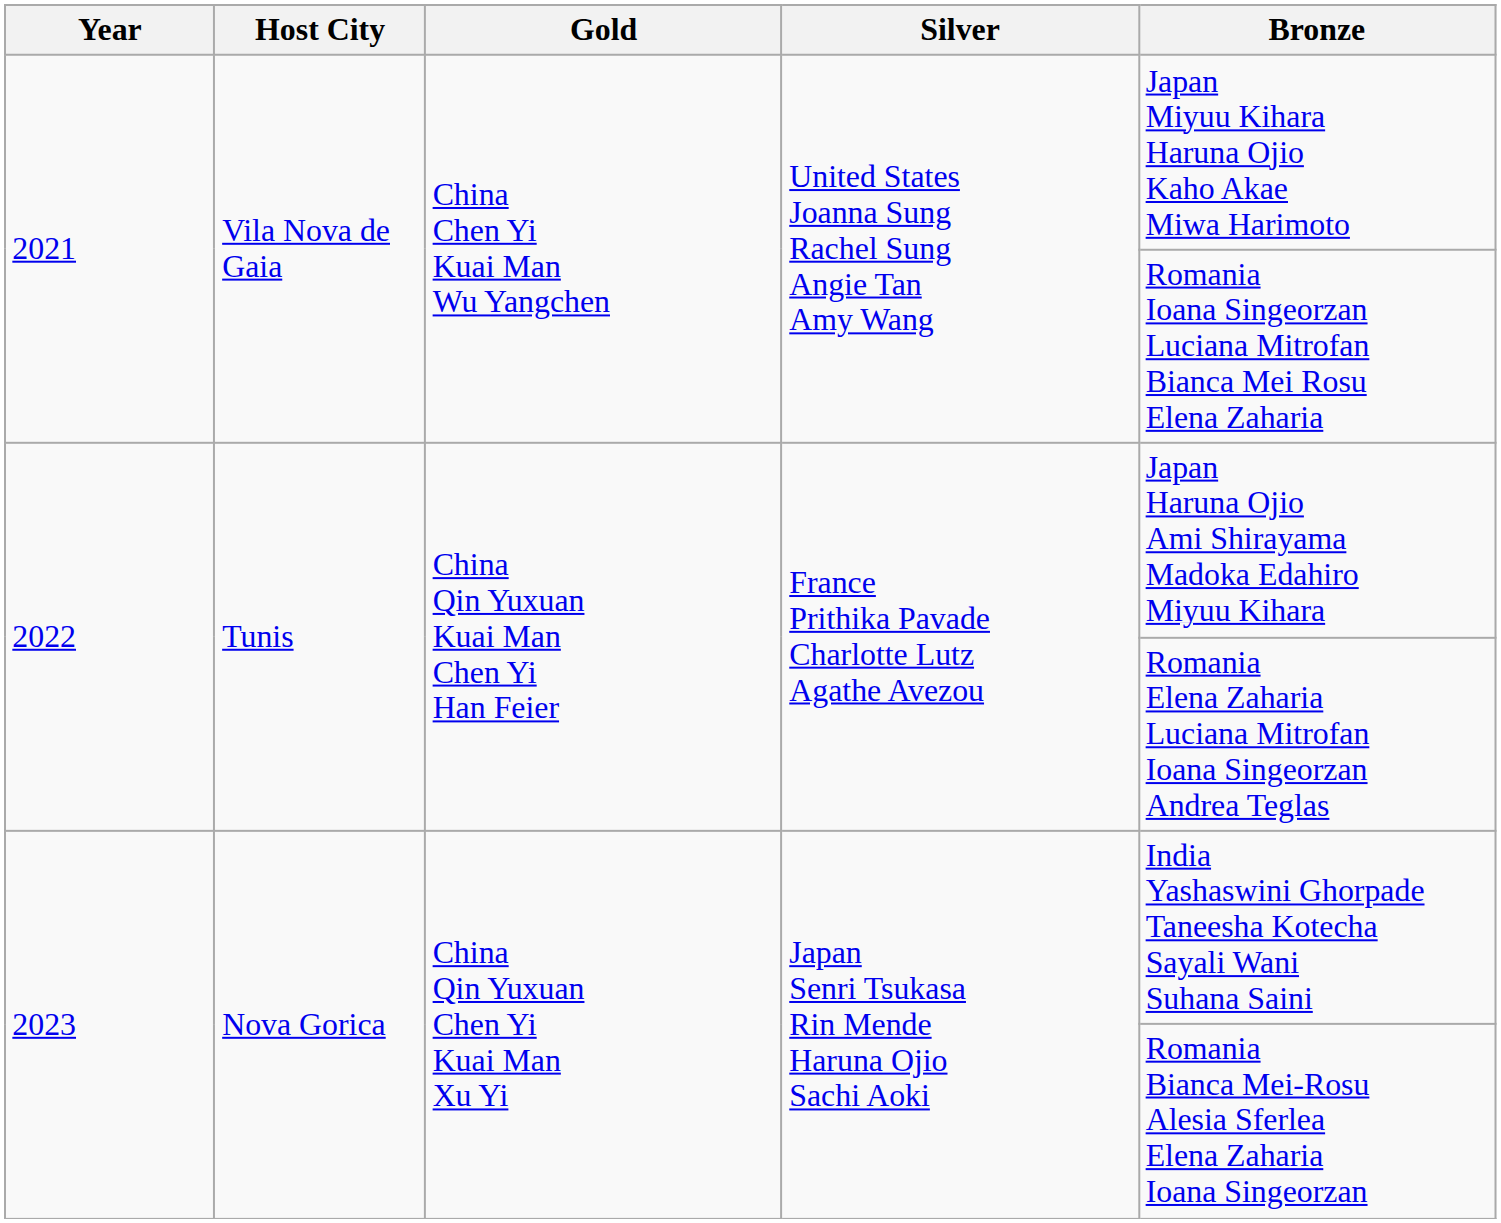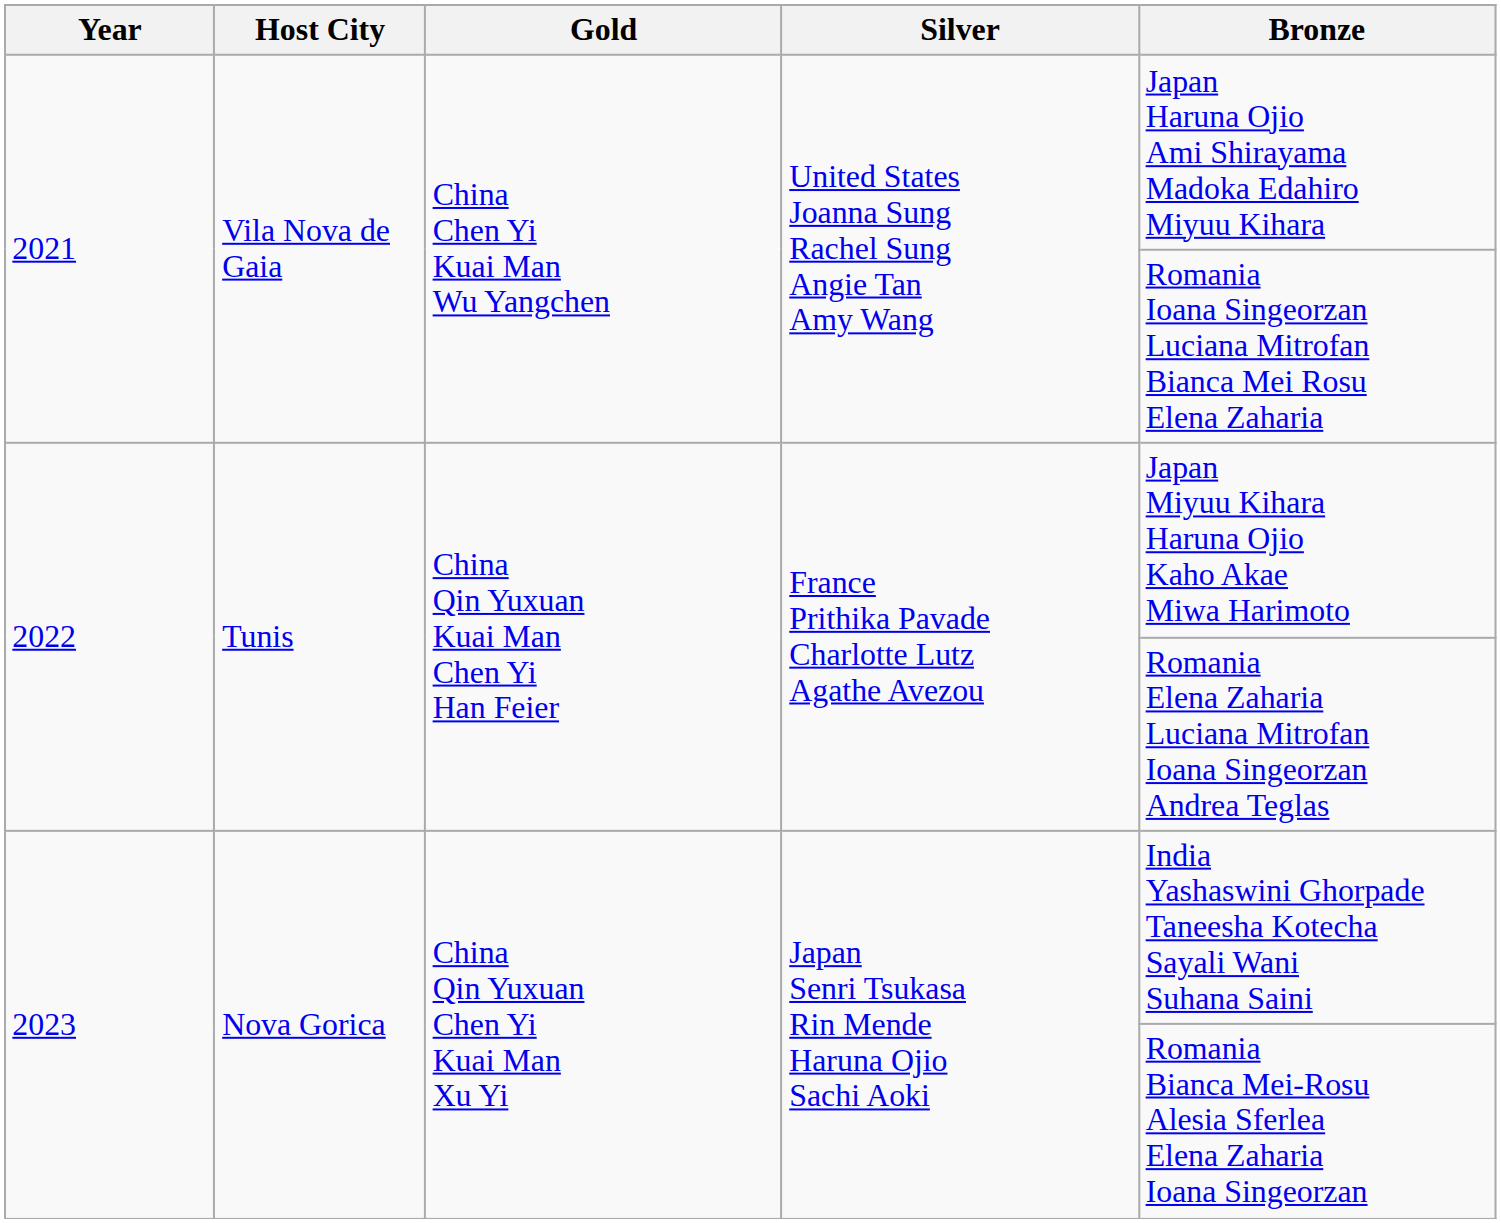 <table class="wikitable" style="text-align: left; width: 750px;">
 <tr>
 <th width="100">Year</th>
 <th width="100">Host City</th>
 <th width="175">Gold</th>
 <th width="175">Silver</th>
 <th width="175">Bronze</th>
 </tr>
 <tr>
 <td rowspan="2"><a href='#'>2021</a></td>
 <td rowspan="2"><a href='#'>Vila Nova de Gaia</a></td>
 <td rowspan="2"> <a href='#'>China</a><br><a href='#'>Chen Yi</a><br><a href='#'>Kuai Man</a><br><a href='#'>Wu Yangchen</a></td>
 <td rowspan="2"> <a href='#'>United States</a><br><a href='#'>Joanna Sung</a><br><a href='#'>Rachel Sung</a><br><a href='#'>Angie Tan</a><br><a href='#'>Amy Wang</a></td>
-<td> <a href='#'>Japan</a><br><a href='#'>Miyuu Kihara</a><br><a href='#'>Haruna Ojio</a><br><a href='#'>Kaho Akae</a><br><a href='#'>Miwa Harimoto</a></td>
+<td> <a href='#'>Japan</a><br><a href='#'>Haruna Ojio</a><br><a href='#'>Ami Shirayama</a><br><a href='#'>Madoka Edahiro</a><br><a href='#'>Miyuu Kihara</a></td>
 </tr>
 <tr>
 <td> <a href='#'>Romania</a><br><a href='#'>Ioana Singeorzan</a><br><a href='#'>Luciana Mitrofan</a><br><a href='#'>Bianca Mei Rosu</a><br><a href='#'>Elena Zaharia</a></td>
 </tr>
 <tr>
 <td rowspan="2"><a href='#'>2022</a></td>
 <td rowspan="2"><a href='#'>Tunis</a></td>
 <td rowspan="2"> <a href='#'>China</a><br><a href='#'>Qin Yuxuan</a><br><a href='#'>Kuai Man</a><br><a href='#'>Chen Yi</a><br><a href='#'>Han Feier</a></td>
 <td rowspan="2"> <a href='#'>France</a><br><a href='#'>Prithika Pavade</a><br><a href='#'>Charlotte Lutz</a><br><a href='#'>Agathe Avezou</a></td>
-<td> <a href='#'>Japan</a><br><a href='#'>Haruna Ojio</a><br><a href='#'>Ami Shirayama</a><br><a href='#'>Madoka Edahiro</a><br><a href='#'>Miyuu Kihara</a></td>
+<td> <a href='#'>Japan</a><br><a href='#'>Miyuu Kihara</a><br><a href='#'>Haruna Ojio</a><br><a href='#'>Kaho Akae</a><br><a href='#'>Miwa Harimoto</a></td>
 </tr>
 <tr>
 <td> <a href='#'>Romania</a><br><a href='#'>Elena Zaharia</a><br><a href='#'>Luciana Mitrofan</a><br><a href='#'>Ioana Singeorzan</a><br><a href='#'>Andrea Teglas</a></td>
 </tr>
 <tr>
 <td rowspan="2"><a href='#'>2023</a></td>
 <td rowspan="2"><a href='#'>Nova Gorica</a></td>
 <td rowspan=2> <a href='#'>China</a><br><a href='#'>Qin Yuxuan</a><br><a href='#'>Chen Yi</a><br><a href='#'>Kuai Man</a><br><a href='#'>Xu Yi</a></td>
 <td rowspan=2> <a href='#'>Japan</a><br><a href='#'>Senri Tsukasa</a><br><a href='#'>Rin Mende</a><br><a href='#'>Haruna Ojio</a><br><a href='#'>Sachi Aoki</a></td>
 <td> <a href='#'>India</a><br><a href='#'>Yashaswini Ghorpade</a><br><a href='#'>Taneesha Kotecha</a><br><a href='#'>Sayali Wani</a><br><a href='#'>Suhana Saini</a></td>
 </tr>
 <tr>
 <td> <a href='#'>Romania</a><br><a href='#'>Bianca Mei-Rosu</a><br><a href='#'>Alesia Sferlea</a><br><a href='#'>Elena Zaharia</a><br><a href='#'>Ioana Singeorzan</a></td>
 </tr>
 </table>
